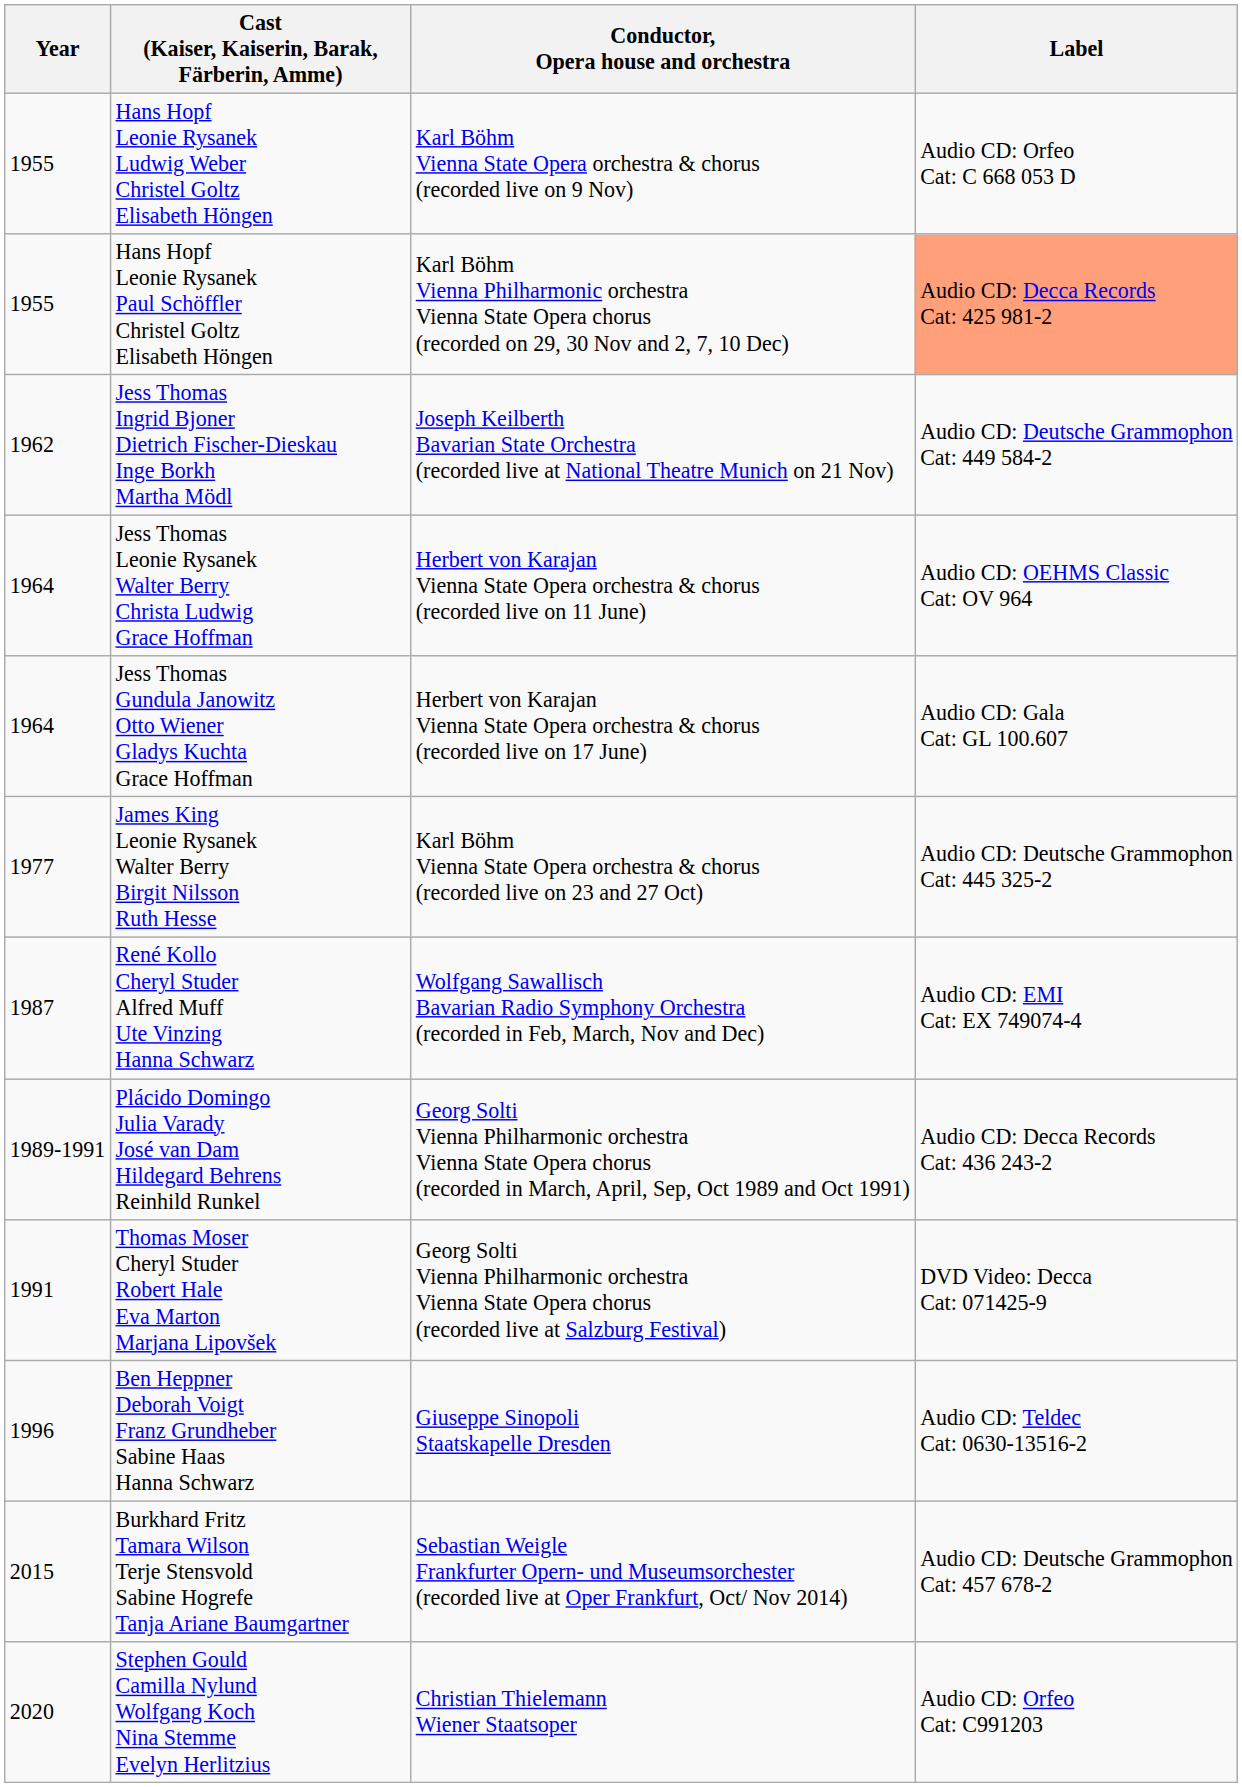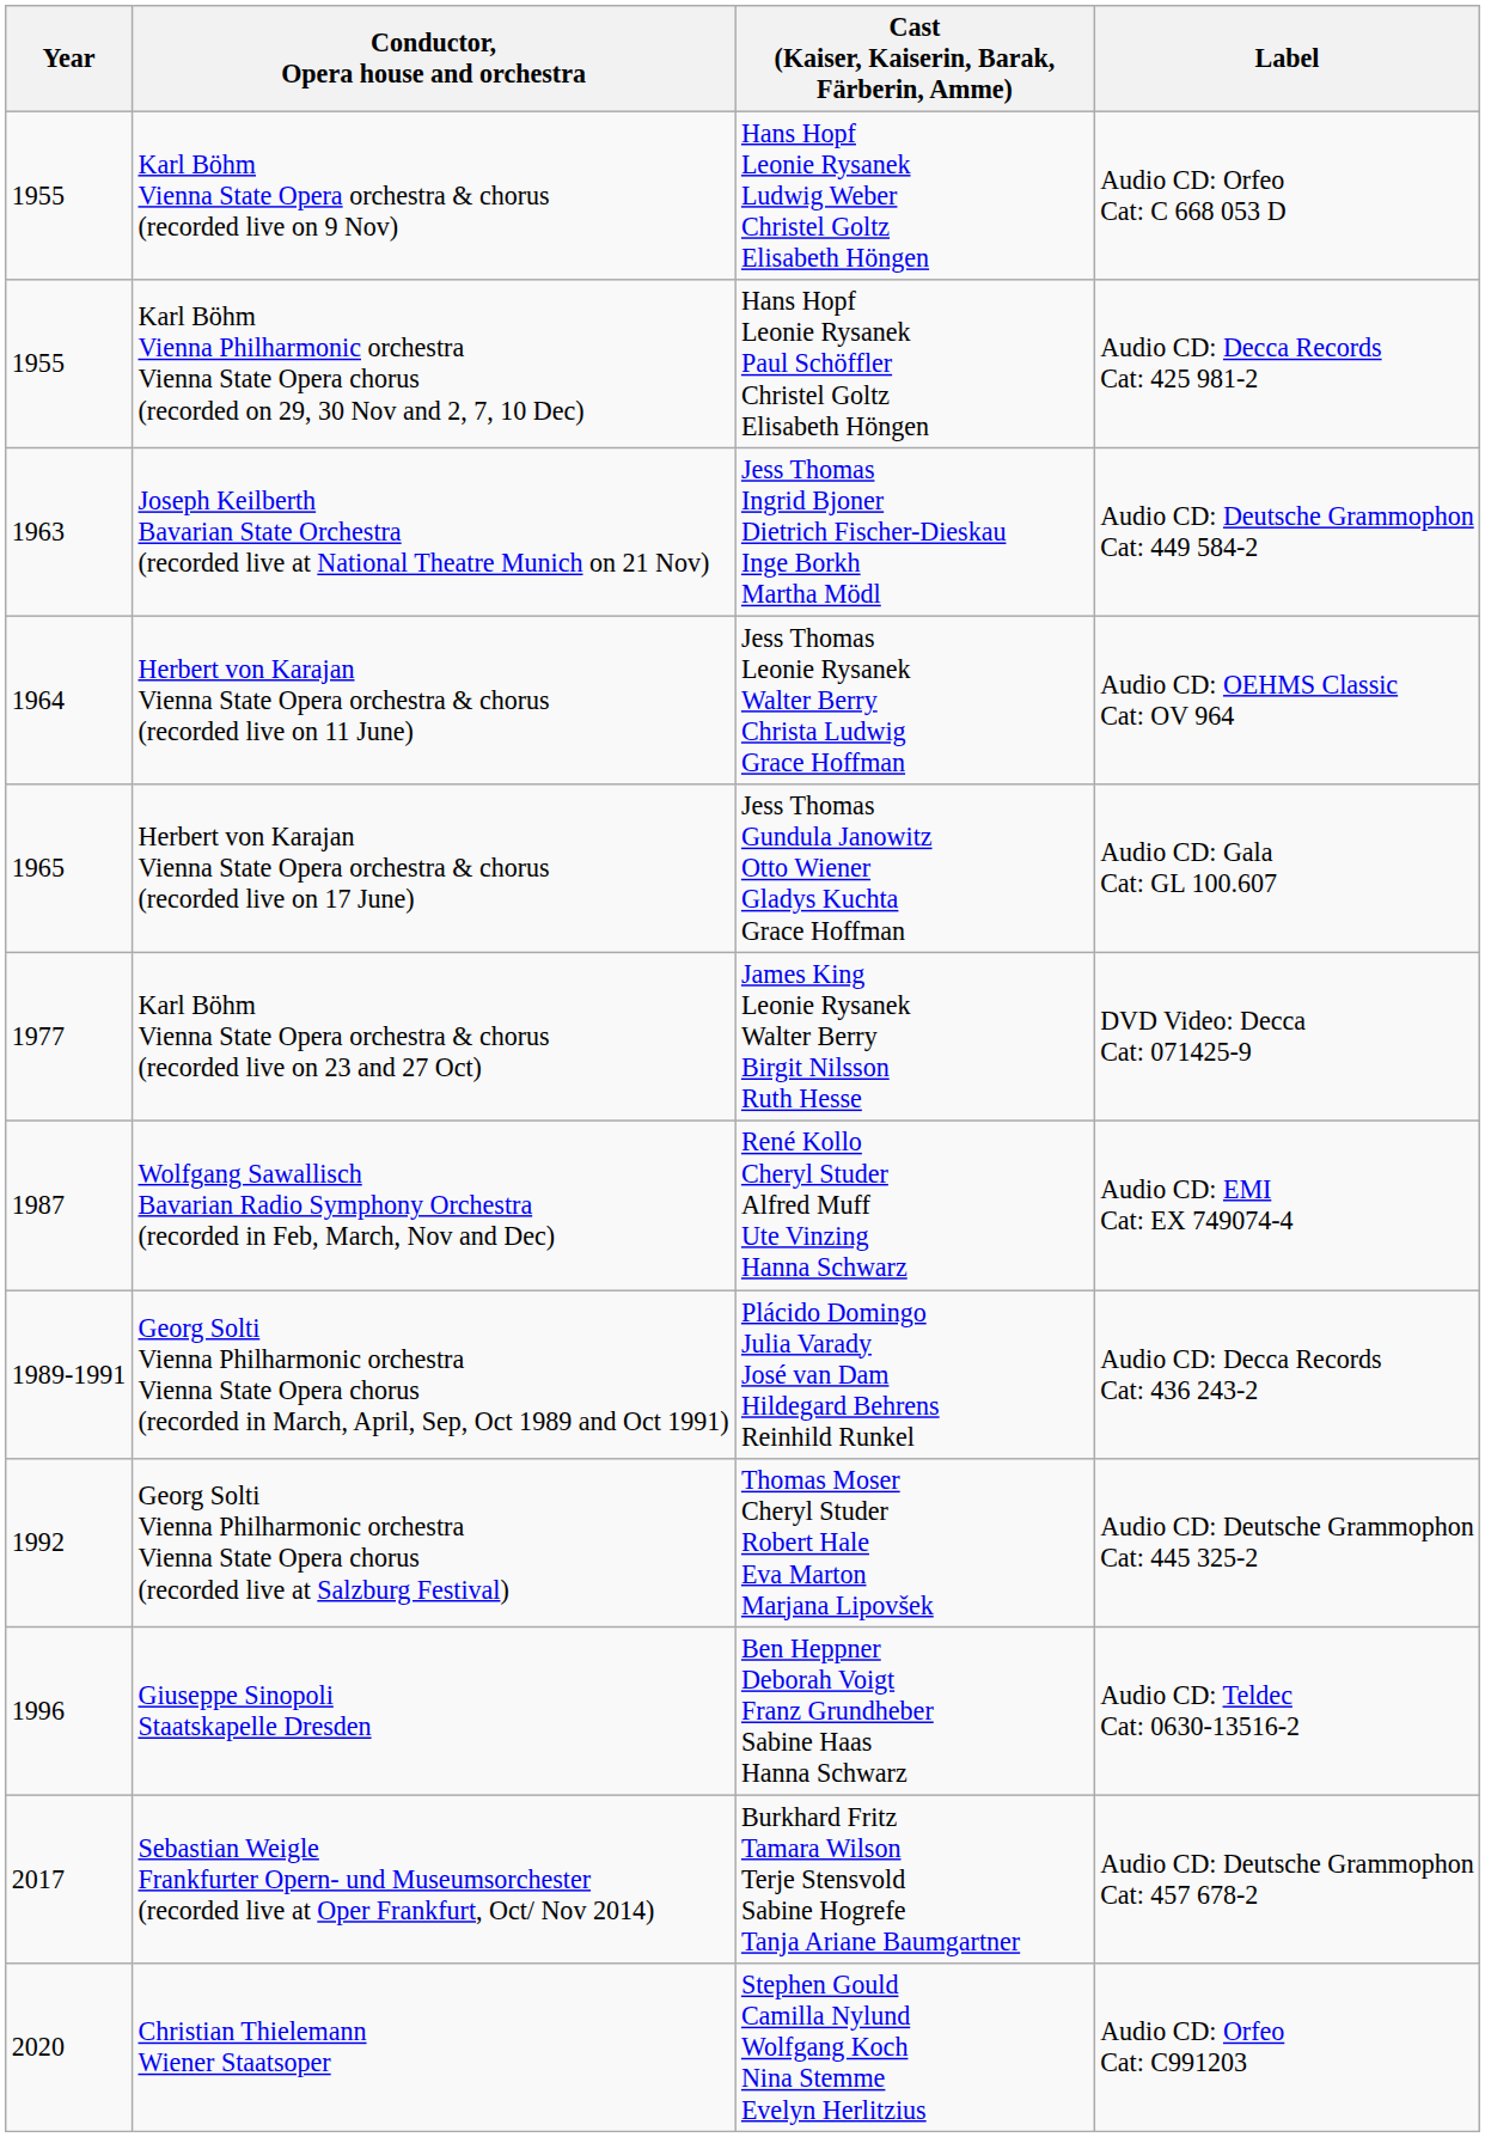 <table class="wikitable" style="font-size:95%;">
 <tr>
 <th>Year</th>
+<th>Conductor,<br>Opera house and orchestra</th>
 <th width="200">Cast<br>(Kaiser, Kaiserin, Barak,<br>Färberin, Amme)</th>
-<th>Conductor,<br>Opera house and orchestra</th>
 <th>Label</th>
 </tr>
 <tr>
 <td>1955</td>
+<td><a href='#'>Karl Böhm</a><br><a href='#'>Vienna State Opera</a> orchestra & chorus<br>(recorded live on 9 Nov)</td>
 <td><a href='#'>Hans Hopf</a><br><a href='#'>Leonie Rysanek</a><br><a href='#'>Ludwig Weber</a><br><a href='#'>Christel Goltz</a><br><a href='#'>Elisabeth Höngen</a></td>
-<td><a href='#'>Karl Böhm</a><br><a href='#'>Vienna State Opera</a> orchestra & chorus<br>(recorded live on 9 Nov)</td>
 <td>Audio CD: Orfeo<br>Cat: C 668 053 D</td>
 </tr>
 <tr>
 <td>1955</td>
+<td>Karl Böhm<br><a href='#'>Vienna Philharmonic</a> orchestra<br>Vienna State Opera chorus<br>(recorded on 29, 30 Nov and 2, 7, 10 Dec)</td>
 <td>Hans Hopf<br>Leonie Rysanek<br><a href='#'>Paul Schöffler</a><br>Christel Goltz<br>Elisabeth Höngen</td>
-<td>Karl Böhm<br><a href='#'>Vienna Philharmonic</a> orchestra<br>Vienna State Opera chorus<br>(recorded on 29, 30 Nov and 2, 7, 10 Dec)</td>
-<td style="background: lightsalmon;">Audio CD: <a href='#'>Decca Records</a><br>Cat: 425 981-2</td>
+<td>Audio CD: <a href='#'>Decca Records</a><br>Cat: 425 981-2</td>
 </tr>
 <tr>
-<td>1962</td>
+<td>1963</td>
+<td><a href='#'>Joseph Keilberth</a><br><a href='#'>Bavarian State Orchestra</a><br>(recorded live at <a href='#'>National Theatre Munich</a> on 21 Nov)</td>
 <td><a href='#'>Jess Thomas</a><br><a href='#'>Ingrid Bjoner</a><br><a href='#'>Dietrich Fischer-Dieskau</a><br><a href='#'>Inge Borkh</a><br><a href='#'>Martha Mödl</a></td>
-<td><a href='#'>Joseph Keilberth</a><br><a href='#'>Bavarian State Orchestra</a><br>(recorded live at <a href='#'>National Theatre Munich</a> on 21 Nov)</td>
 <td>Audio CD: <a href='#'>Deutsche Grammophon</a><br>Cat: 449 584-2</td>
 </tr>
 <tr>
 <td>1964</td>
+<td><a href='#'>Herbert von Karajan</a><br>Vienna State Opera orchestra & chorus<br>(recorded live on 11 June)</td>
 <td>Jess Thomas<br>Leonie Rysanek<br><a href='#'>Walter Berry</a><br><a href='#'>Christa Ludwig</a><br><a href='#'>Grace Hoffman</a></td>
-<td><a href='#'>Herbert von Karajan</a><br>Vienna State Opera orchestra & chorus<br>(recorded live on 11 June)</td>
 <td>Audio CD: <a href='#'>OEHMS Classic</a><br>Cat: OV 964</td>
 </tr>
 <tr>
-<td>1964</td>
+<td>1965</td>
+<td>Herbert von Karajan<br>Vienna State Opera orchestra & chorus<br>(recorded live on 17 June)</td>
 <td>Jess Thomas<br><a href='#'>Gundula Janowitz</a><br><a href='#'>Otto Wiener</a><br><a href='#'>Gladys Kuchta</a><br>Grace Hoffman</td>
-<td>Herbert von Karajan<br>Vienna State Opera orchestra & chorus<br>(recorded live on 17 June)</td>
 <td>Audio CD: Gala<br>Cat: GL 100.607</td>
 </tr>
 <tr>
 <td>1977</td>
+<td>Karl Böhm<br>Vienna State Opera orchestra & chorus<br>(recorded live on 23 and 27 Oct)</td>
 <td><a href='#'>James King</a><br>Leonie Rysanek<br>Walter Berry<br><a href='#'>Birgit Nilsson</a><br><a href='#'>Ruth Hesse</a></td>
-<td>Karl Böhm<br>Vienna State Opera orchestra & chorus<br>(recorded live on 23 and 27 Oct)</td>
-<td>Audio CD: Deutsche Grammophon<br>Cat: 445 325-2</td>
+<td>DVD Video: Decca <br>Cat: 071425-9</td>
 </tr>
 <tr>
 <td>1987</td>
+<td><a href='#'>Wolfgang Sawallisch</a><br><a href='#'>Bavarian Radio Symphony Orchestra</a><br>(recorded in Feb, March, Nov and Dec)</td>
 <td><a href='#'>René Kollo</a><br><a href='#'>Cheryl Studer</a><br>Alfred Muff<br><a href='#'>Ute Vinzing</a><br><a href='#'>Hanna Schwarz</a></td>
-<td><a href='#'>Wolfgang Sawallisch</a><br><a href='#'>Bavarian Radio Symphony Orchestra</a><br>(recorded in Feb, March, Nov and Dec)</td>
 <td>Audio CD: <a href='#'>EMI</a><br>Cat: EX 749074-4</td>
 </tr>
 <tr>
 <td>1989-1991</td>
+<td><a href='#'>Georg Solti</a><br>Vienna Philharmonic orchestra<br>Vienna State Opera chorus<br>(recorded in March, April, Sep, Oct 1989 and Oct 1991)</td>
 <td><a href='#'>Plácido Domingo</a><br><a href='#'>Julia Varady</a><br><a href='#'>José van Dam</a><br><a href='#'>Hildegard Behrens</a><br>Reinhild Runkel</td>
-<td><a href='#'>Georg Solti</a><br>Vienna Philharmonic orchestra<br>Vienna State Opera chorus<br>(recorded in March, April, Sep, Oct 1989 and Oct 1991)</td>
 <td>Audio CD: Decca Records<br>Cat: 436 243-2</td>
 </tr>
 <tr>
-<td>1991</td>
+<td>1992</td>
+<td>Georg Solti<br>Vienna Philharmonic orchestra<br>Vienna State Opera chorus<br>(recorded live at <a href='#'>Salzburg Festival</a>)</td>
 <td><a href='#'>Thomas Moser</a><br>Cheryl Studer<br><a href='#'>Robert Hale</a><br><a href='#'>Eva Marton</a><br><a href='#'>Marjana Lipovšek</a></td>
-<td>Georg Solti<br>Vienna Philharmonic orchestra<br>Vienna State Opera chorus<br>(recorded live at <a href='#'>Salzburg Festival</a>)</td>
-<td>DVD Video: Decca <br>Cat: 071425-9</td>
+<td>Audio CD: Deutsche Grammophon<br>Cat: 445 325-2</td>
 </tr>
 <tr>
 <td>1996</td>
+<td><a href='#'>Giuseppe Sinopoli</a><br><a href='#'>Staatskapelle Dresden</a></td>
 <td><a href='#'>Ben Heppner</a><br><a href='#'>Deborah Voigt</a><br><a href='#'>Franz Grundheber</a><br>Sabine Haas<br>Hanna Schwarz</td>
-<td><a href='#'>Giuseppe Sinopoli</a><br><a href='#'>Staatskapelle Dresden</a></td>
 <td>Audio CD: <a href='#'>Teldec</a><br>Cat: 0630-13516-2</td>
 </tr>
 <tr>
-<td>2015</td>
+<td>2017</td>
+<td><a href='#'>Sebastian Weigle</a><br><a href='#'>Frankfurter Opern- und Museumsorchester</a><br>(recorded live at <a href='#'>Oper Frankfurt</a>, Oct/ Nov 2014)</td>
 <td>Burkhard Fritz<br><a href='#'>Tamara Wilson</a><br>Terje Stensvold<br>Sabine Hogrefe<br><a href='#'>Tanja Ariane Baumgartner</a></td>
-<td><a href='#'>Sebastian Weigle</a><br><a href='#'>Frankfurter Opern- und Museumsorchester</a><br>(recorded live at <a href='#'>Oper Frankfurt</a>, Oct/ Nov 2014)</td>
 <td>Audio CD: Deutsche Grammophon<br>Cat: 457 678-2</td>
 </tr>
 <tr>
 <td>2020</td>
+<td><a href='#'>Christian Thielemann</a><br> <a href='#'>Wiener Staatsoper</a></td>
 <td><a href='#'>Stephen Gould</a><br><a href='#'>Camilla Nylund</a><br><a href='#'>Wolfgang Koch</a><br><a href='#'>Nina Stemme</a><br><a href='#'>Evelyn Herlitzius</a></td>
-<td><a href='#'>Christian Thielemann</a><br> <a href='#'>Wiener Staatsoper</a></td>
 <td>Audio CD: <a href='#'>Orfeo</a><br>Cat: C991203</td>
 </tr>
 </table>
